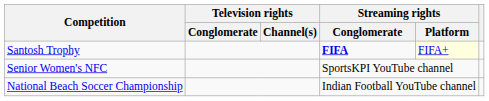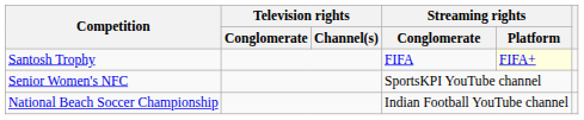 <table class="wikitable">
 <tr>
 <th rowspan="2">Competition</th>
 <th colspan="2">Television rights</th>
 <th colspan="2">Streaming rights</th>
 <th rowspan="2"></th>
 </tr>
 <tr>
 <th>Conglomerate</th>
 <th>Channel(s)</th>
 <th>Conglomerate</th>
 <th>Platform</th>
 </tr>
 <tr>
 <td><a href='#'>Santosh Trophy</a></td>
 <td colspan="2"></td>
-<td><strong><a href='#'>FIFA</a></strong></td>
+<td><a href='#'>FIFA</a></td>
 <td style="background: lightyellow;"><a href='#'>FIFA+</a></td>
 <td></td>
 </tr>
 <tr>
 <td><a href='#'>Senior Women's NFC</a></td>
 <td colspan="2"></td>
 <td colspan="2">SportsKPI YouTube channel</td>
 <td></td>
 </tr>
 <tr>
 <td><a href='#'>National Beach Soccer Championship</a></td>
 <td colspan="2"></td>
 <td colspan="2">Indian Football YouTube channel</td>
 <td></td>
 </tr>
 </table>
